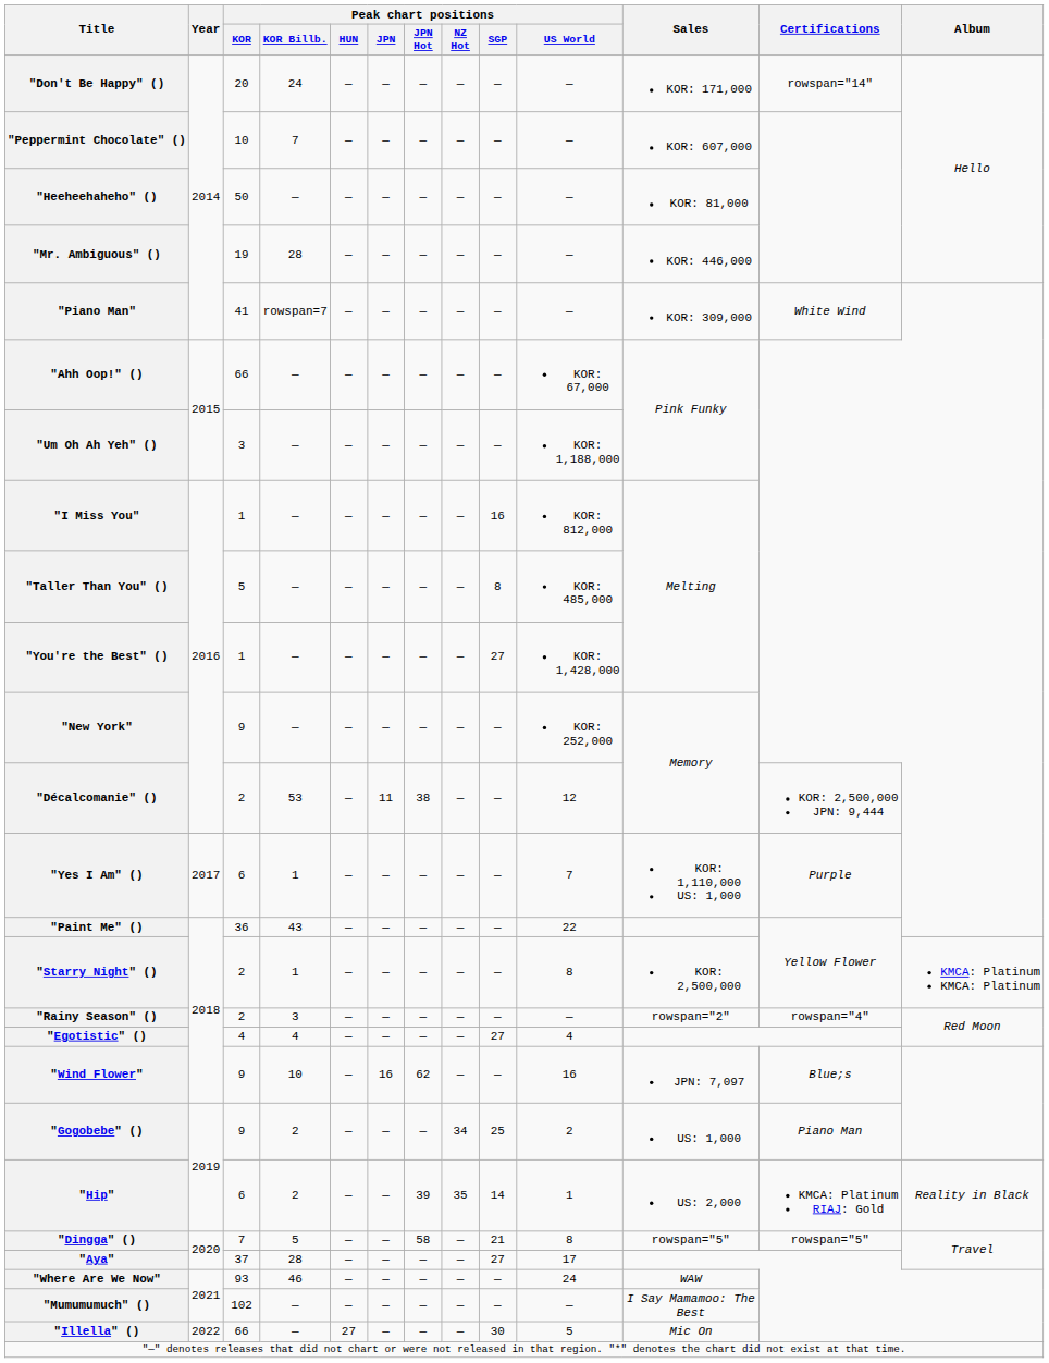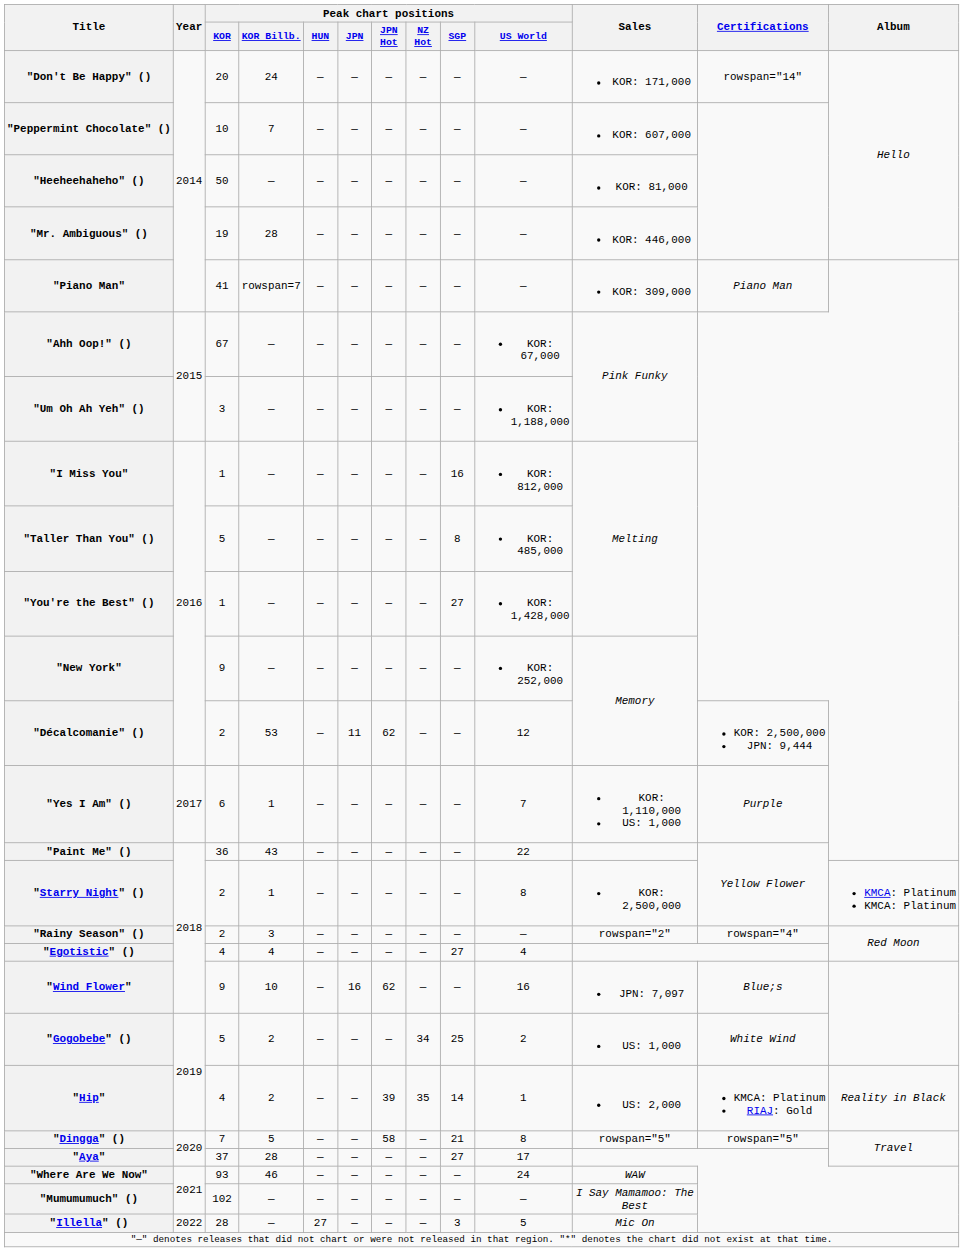 <table class="wikitable plainrowheaders" style="text-align:center;">
 <tr>
 <th rowspan="2" scope="col">Title</th>
 <th rowspan="2" scope="col">Year</th>
 <th colspan="8" scope="col">Peak chart positions</th>
 <th rowspan="2" scope="col" style="width:11em;">Sales<br></th>
 <th rowspan="2" scope="col"><a href='#'>Certifications</a><br></th>
 <th rowspan="2" scope="col">Album</th>
 </tr>
 <tr>
 <th scope="col" style="width:3em;font-size:90%;"><a href='#'>KOR</a><br></th>
 <th scope="col" style="width:3em;font-size:90%;"><a href='#'>KOR Billb.</a><br></th>
 <th scope="col" style="width:3em;font-size:90%;"><a href='#'>HUN</a><br></th>
 <th scope="col" style="width:3em;font-size:90%;"><a href='#'>JPN</a><br></th>
 <th scope="col" style="width:3em;font-size:90%;"><a href='#'>JPN<br>Hot</a><br></th>
 <th scope="col" style="width:3em;font-size:90%;"><a href='#'>NZ<br>Hot</a><br></th>
 <th scope="col" style="width:3em;font-size:90%;"><a href='#'>SGP</a><br></th>
 <th scope="col" style="width:3em;font-size:90%;"><a href='#'>US World</a><br></th>
 </tr>
 <tr>
 <th scope="row">"Don't Be Happy" () <br> </th>
 <td rowspan="5">2014</td>
 <td>20</td>
 <td>24</td>
 <td>—</td>
 <td>—</td>
 <td>—</td>
 <td>—</td>
 <td>—</td>
 <td>—</td>
 <td><br><ul><li>KOR: 171,000</li></ul></td>
 <td>rowspan="14" </td>
 <td rowspan="4"><em>Hello</em></td>
 </tr>
 <tr>
 <th scope="row">"Peppermint Chocolate" () <br> </th>
 <td>10</td>
 <td>7</td>
 <td>—</td>
 <td>—</td>
 <td>—</td>
 <td>—</td>
 <td>—</td>
 <td>—</td>
 <td><br><ul><li>KOR: 607,000</li></ul></td>
 </tr>
 <tr>
 <th scope="row">"Heeheehaheho" () <br> </th>
 <td>50</td>
 <td>—</td>
 <td>—</td>
 <td>—</td>
 <td>—</td>
 <td>—</td>
 <td>—</td>
 <td>—</td>
 <td><br><ul><li>KOR: 81,000</li></ul></td>
 </tr>
 <tr>
 <th scope="row">"Mr. Ambiguous" ()</th>
 <td>19</td>
 <td>28</td>
 <td>—</td>
 <td>—</td>
 <td>—</td>
 <td>—</td>
 <td>—</td>
 <td>—</td>
 <td><br><ul><li>KOR: 446,000</li></ul></td>
 </tr>
 <tr>
 <th scope="row">"Piano Man"</th>
 <td>41</td>
 <td>rowspan=7 </td>
 <td>—</td>
 <td>—</td>
 <td>—</td>
 <td>—</td>
 <td>—</td>
 <td>—</td>
 <td><br><ul><li>KOR: 309,000</li></ul></td>
-<td><em>White Wind</em></td>
+<td><em>Piano Man</em></td>
 </tr>
 <tr>
 <th scope="row">"Ahh Oop!" () </th>
 <td rowspan="2">2015</td>
-<td>66</td>
+<td>67</td>
 <td>—</td>
 <td>—</td>
 <td>—</td>
 <td>—</td>
 <td>—</td>
 <td>—</td>
 <td><br><ul><li>KOR: 67,000</li></ul></td>
 <td rowspan="2"><em>Pink Funky</em></td>
 </tr>
 <tr>
 <th scope="row">"Um Oh Ah Yeh" ()</th>
 <td>3</td>
 <td>—</td>
 <td>—</td>
 <td>—</td>
 <td>—</td>
 <td>—</td>
 <td>—</td>
 <td><br><ul><li>KOR: 1,188,000</li></ul></td>
 </tr>
 <tr>
 <th scope="row">"I Miss You"</th>
 <td rowspan="5">2016</td>
 <td>1</td>
 <td>—</td>
 <td>—</td>
 <td>—</td>
 <td>—</td>
 <td>—</td>
 <td>16</td>
 <td><br><ul><li>KOR: 812,000</li></ul></td>
 <td rowspan="3"><em>Melting</em></td>
 </tr>
 <tr>
 <th scope="row">"Taller Than You" ()</th>
 <td>5</td>
 <td>—</td>
 <td>—</td>
 <td>—</td>
 <td>—</td>
 <td>—</td>
 <td>8</td>
 <td><br><ul><li>KOR: 485,000</li></ul></td>
 </tr>
 <tr>
 <th scope= "row">"You're the Best" ()</th>
 <td>1</td>
 <td>—</td>
 <td>—</td>
 <td>—</td>
 <td>—</td>
 <td>—</td>
 <td>27</td>
 <td><br><ul><li>KOR: 1,428,000</li></ul></td>
 </tr>
 <tr>
 <th scope="row">"New York"</th>
 <td>9</td>
 <td>—</td>
 <td>—</td>
 <td>—</td>
 <td>—</td>
 <td>—</td>
 <td>—</td>
 <td><br><ul><li>KOR: 252,000</li></ul></td>
 <td rowspan="2"><em>Memory</em></td>
 </tr>
 <tr>
 <th scope="row">"Décalcomanie" ()</th>
 <td>2</td>
 <td>53</td>
 <td>—</td>
 <td>11</td>
-<td>38</td>
+<td>62</td>
 <td>—</td>
 <td>—</td>
 <td>12</td>
 <td><br><ul><li>KOR: 2,500,000</li><li>JPN: 9,444 </li></ul></td>
 </tr>
 <tr>
 <th scope="row">"Yes I Am" ()</th>
 <td>2017</td>
 <td>6</td>
 <td>1</td>
 <td>—</td>
 <td>—</td>
 <td>—</td>
 <td>—</td>
 <td>—</td>
 <td>7</td>
 <td><br><ul><li>KOR: 1,110,000</li><li>US: 1,000</li></ul></td>
 <td><em>Purple</em></td>
 </tr>
 <tr>
 <th scope="row">"Paint Me" ()</th>
 <td rowspan="5">2018</td>
 <td>36</td>
 <td>43</td>
 <td>—</td>
 <td>—</td>
 <td>—</td>
 <td>—</td>
 <td>—</td>
 <td>22</td>
 <td></td>
 <td rowspan="2"><em>Yellow Flower</em></td>
 </tr>
 <tr>
 <th scope="row">"<a href='#'>Starry Night</a>" ()</th>
 <td>2</td>
 <td>1</td>
 <td>—</td>
 <td>—</td>
 <td>—</td>
 <td>—</td>
 <td>—</td>
 <td>8</td>
 <td><br><ul><li>KOR: 2,500,000</li></ul></td>
 <td><br><ul><li><a href='#'>KMCA</a>: Platinum </li><li>KMCA: Platinum </li></ul></td>
 </tr>
 <tr>
 <th scope="row">"Rainy Season" ()</th>
 <td>2</td>
 <td>3</td>
 <td>—</td>
 <td>—</td>
 <td>—</td>
 <td>—</td>
 <td>—</td>
 <td>—</td>
 <td>rowspan="2" </td>
 <td>rowspan="4" </td>
 <td rowspan="2"><em>Red Moon</em></td>
 </tr>
 <tr>
 <th scope="row">"<a href='#'>Egotistic</a>" ()</th>
 <td>4</td>
 <td>4</td>
 <td>—</td>
 <td>—</td>
 <td>—</td>
 <td>—</td>
 <td>27</td>
 <td>4</td>
 </tr>
 <tr>
 <th scope="row">"<a href='#'>Wind Flower</a>"</th>
 <td>9</td>
 <td>10</td>
 <td>—</td>
 <td>16</td>
 <td>62</td>
 <td>—</td>
 <td>—</td>
 <td>16</td>
 <td><br><ul><li>JPN: 7,097 </li></ul></td>
 <td><em>Blue;s</em></td>
 </tr>
 <tr>
 <th scope="row">"<a href='#'>Gogobebe</a>" ()</th>
 <td rowspan="2">2019</td>
-<td>9</td>
+<td>5</td>
 <td>2</td>
 <td>—</td>
 <td>—</td>
 <td>—</td>
 <td>34</td>
 <td>25</td>
 <td>2</td>
 <td><br><ul><li>US: 1,000</li></ul></td>
-<td><em>Piano Man</em></td>
+<td><em>White Wind</em></td>
 </tr>
 <tr>
 <th scope="row">"<a href='#'>Hip</a>"</th>
-<td>6</td>
+<td>4</td>
 <td>2</td>
 <td>—</td>
 <td>—</td>
 <td>39</td>
 <td>35</td>
 <td>14</td>
 <td>1</td>
 <td><br><ul><li>US: 2,000</li></ul></td>
 <td><br><ul><li>KMCA: Platinum </li><li><a href='#'>RIAJ</a>: Gold</li></ul></td>
 <td><em>Reality in Black</em></td>
 </tr>
 <tr>
 <th scope="row">"<a href='#'>Dingga</a>" ()</th>
 <td rowspan="2">2020</td>
 <td>7</td>
 <td>5</td>
 <td>—</td>
 <td>—</td>
 <td>58</td>
 <td>—</td>
 <td>21</td>
 <td>8</td>
 <td>rowspan="5" </td>
 <td>rowspan="5" </td>
 <td rowspan="2"><em>Travel</em></td>
 </tr>
 <tr>
 <th scope="row">"<a href='#'>Aya</a>"</th>
 <td>37</td>
 <td>28</td>
 <td>—</td>
 <td>—</td>
 <td>—</td>
 <td>—</td>
 <td>27</td>
 <td>17</td>
 </tr>
 <tr>
 <th scope="row">"Where Are We Now"</th>
 <td rowspan="2">2021</td>
 <td>93</td>
 <td>46</td>
 <td>—</td>
 <td>—</td>
 <td>—</td>
 <td>—</td>
 <td>—</td>
 <td>24</td>
 <td><em>WAW</em></td>
 </tr>
 <tr>
 <th scope="row">"Mumumumuch" ()</th>
 <td>102</td>
 <td>—</td>
 <td>—</td>
 <td>—</td>
 <td>—</td>
 <td>—</td>
 <td>—</td>
 <td>—</td>
 <td><em>I Say Mamamoo: The Best</em></td>
 </tr>
 <tr>
 <th scope="row">"<a href='#'>Illella</a>" ()</th>
 <td>2022</td>
-<td>66</td>
+<td>28</td>
 <td>—</td>
 <td>27</td>
 <td>—</td>
 <td>—</td>
 <td>—</td>
-<td>30</td>
+<td>3</td>
 <td>5</td>
 <td><em>Mic On</em></td>
 </tr>
 <tr>
 <td colspan="13" style="font-size:85%">"—" denotes releases that did not chart or were not released in that region. "*" denotes the chart did not exist at that time.</td>
 </tr>
 </table>
